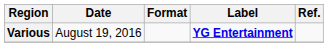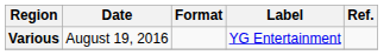 <table class="wikitable plainrowheaders">
 <tr>
 <th scope="col">Region</th>
 <th scope="col">Date</th>
 <th scope="col">Format</th>
 <th scope="col">Label</th>
 <th scope="col">Ref.</th>
 </tr>
 <tr>
 <th scope="row">Various</th>
 <td>August 19, 2016</td>
 <td></td>
-<td><strong><a href='#'>YG Entertainment</a></strong></td>
+<td><a href='#'>YG Entertainment</a></td>
 <td align="center"></td>
 </tr>
 <tr>
 </tr>
 </table>
